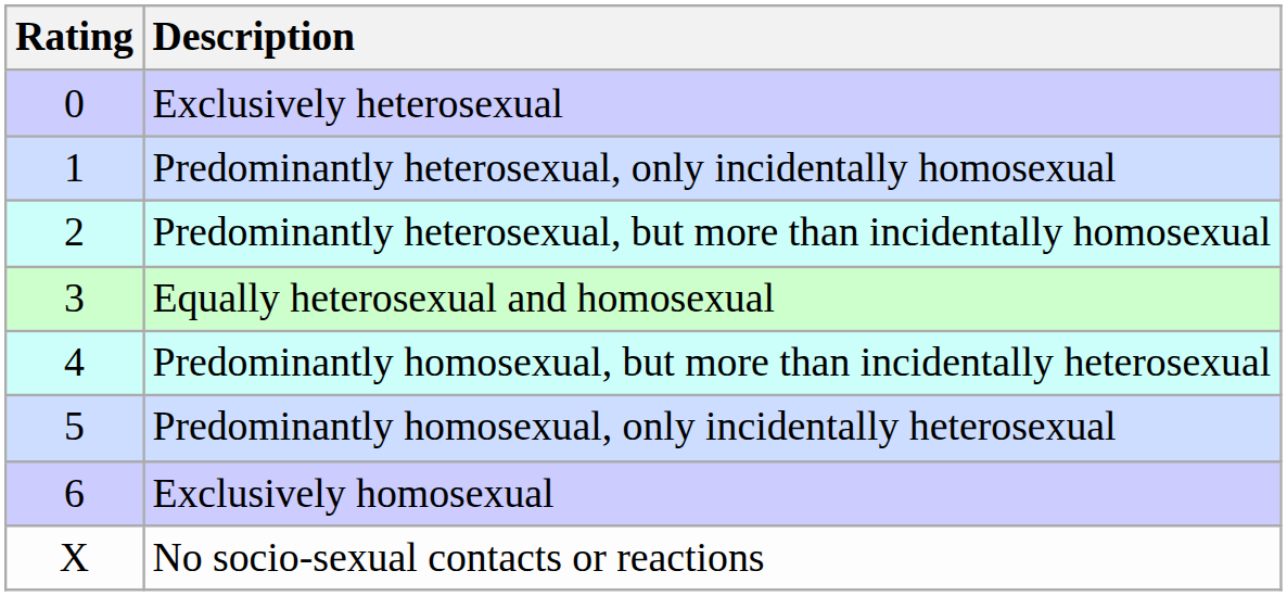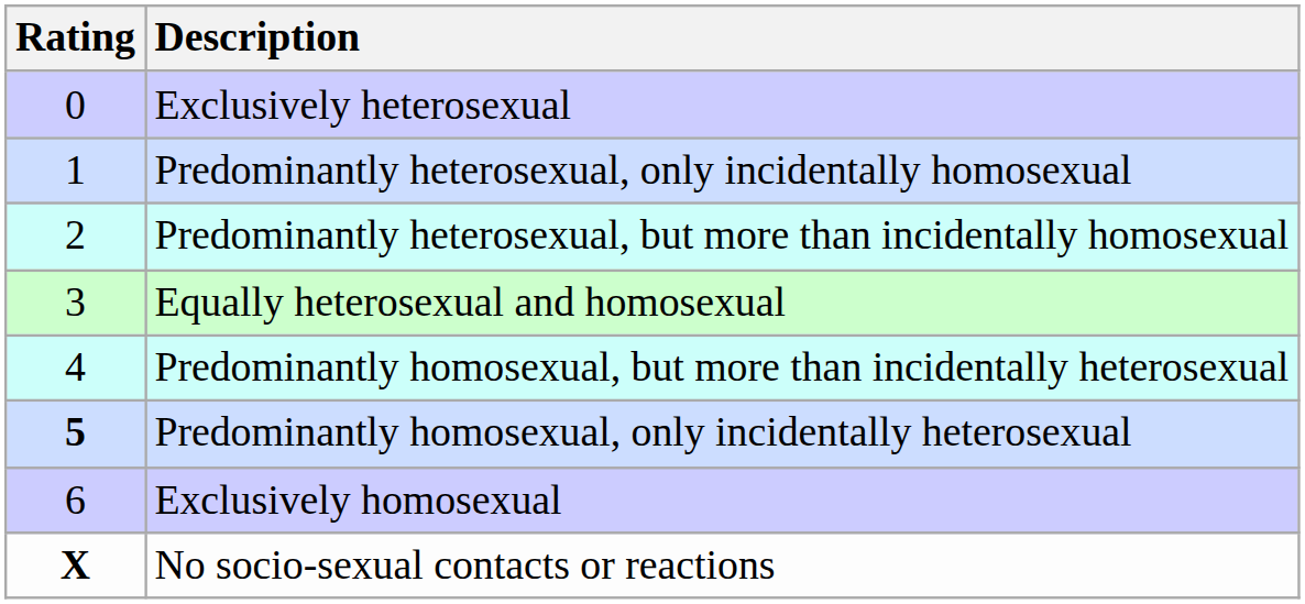 <table class="wikitable">
 <tr>
 <th>Rating</th>
 <th style="text-align: left">Description</th>
 </tr>
 <tr style="background:#ccf;">
 <td style="text-align: center">0</td>
 <td>Exclusively heterosexual</td>
 </tr>
 <tr style="background:#cdf;">
 <td style="text-align: center">1</td>
 <td>Predominantly heterosexual, only incidentally homosexual</td>
 </tr>
 <tr style="background:#ccfffa;">
 <td style="text-align: center">2</td>
 <td>Predominantly heterosexual, but more than incidentally homosexual</td>
 </tr>
 <tr style="background:#cfc;">
 <td style="text-align: center">3</td>
 <td>Equally heterosexual and homosexual</td>
 </tr>
 <tr style="background:#ccfffa;">
 <td style="text-align: center">4</td>
 <td>Predominantly homosexual, but more than incidentally heterosexual</td>
 </tr>
 <tr style="background:#cdf;">
-<td style="text-align: center">5</td>
+<td style="text-align: center"><strong>5</strong></td>
 <td>Predominantly homosexual, only incidentally heterosexual</td>
 </tr>
 <tr style="background:#ccf;">
 <td style="text-align: center">6</td>
 <td>Exclusively homosexual</td>
 </tr>
 <tr style="background:#fdfdfd;">
-<td style="text-align: center">X</td>
+<td style="text-align: center"><strong>X</strong></td>
 <td>No socio-sexual contacts or reactions</td>
 </tr>
 </table>
